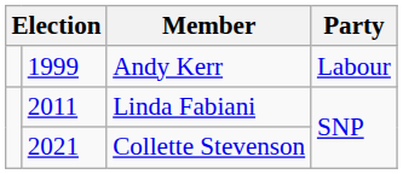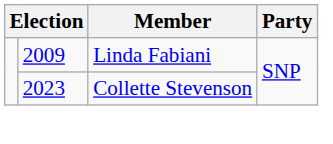 <table class="wikitable">
 <tr>
 <th colspan="2">Election</th>
 <th>Member</th>
 <th>Party</th>
 </tr>
 <tr>
-<td style="background-color: "></td>
-<td><a href='#'>1999</a></td>
-<td><a href='#'>Andy Kerr</a></td>
-<td><a href='#'>Labour</a></td>
-</tr>
-<tr>
 <td rowspan=2 style="background-color: "></td>
-<td><a href='#'>2011</a></td>
+<td><a href='#'>2009</a></td>
 <td><a href='#'>Linda Fabiani</a></td>
 <td rowspan=2><a href='#'>SNP</a></td>
 </tr>
 <tr>
-<td><a href='#'>2021</a></td>
+<td><a href='#'>2023</a></td>
 <td><a href='#'>Collette Stevenson</a></td>
 </tr>
 </table>
